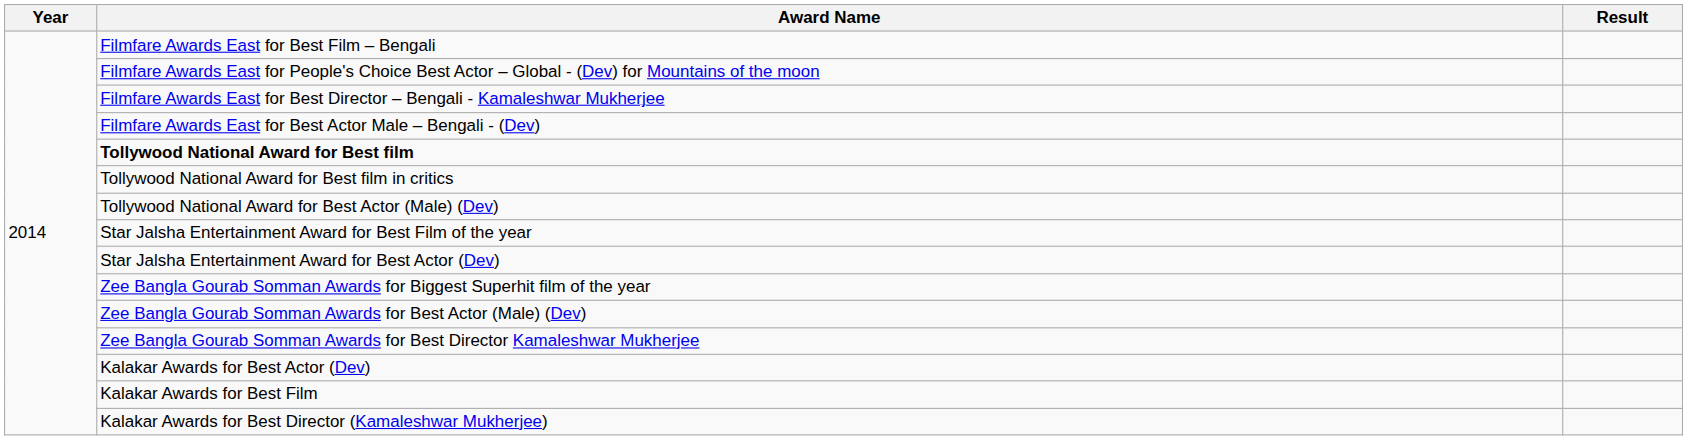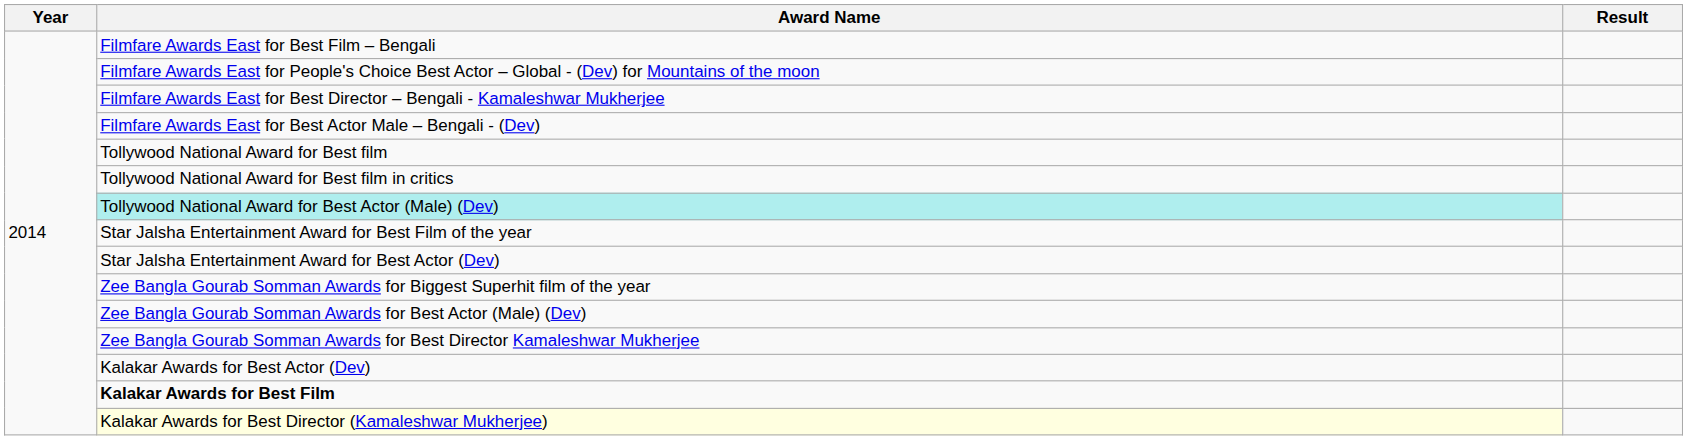 <table class="wikitable" style="width:100%;">
 <tr>
 <th>Year</th>
 <th>Award Name</th>
 <th>Result</th>
 </tr>
 <tr>
 <td rowspan="15">2014</td>
 <td><a href='#'>Filmfare Awards East</a> for Best Film – Bengali</td>
 <td></td>
 </tr>
 <tr>
 <td><a href='#'>Filmfare Awards East</a> for People's Choice Best Actor – Global - (<a href='#'>Dev</a>) for <a href='#'>Mountains of the moon</a></td>
 <td></td>
 </tr>
 <tr>
 <td><a href='#'>Filmfare Awards East</a> for Best Director – Bengali - <a href='#'>Kamaleshwar Mukherjee</a></td>
 <td></td>
 </tr>
 <tr>
 <td><a href='#'>Filmfare Awards East</a> for Best Actor Male – Bengali - (<a href='#'>Dev</a>)</td>
 <td></td>
 </tr>
 <tr>
-<td><strong>Tollywood National Award for Best film</strong></td>
+<td>Tollywood National Award for Best film</td>
 <td></td>
 </tr>
 <tr>
 <td>Tollywood National Award for Best film in critics</td>
 <td></td>
 </tr>
 <tr>
-<td>Tollywood National Award for Best Actor (Male) (<a href='#'>Dev</a>)</td>
+<td style="background: paleturquoise;">Tollywood National Award for Best Actor (Male) (<a href='#'>Dev</a>)</td>
 <td></td>
 </tr>
 <tr>
 <td>Star Jalsha Entertainment Award for Best Film of the year</td>
 <td></td>
 </tr>
 <tr>
 <td>Star Jalsha Entertainment Award for Best Actor (<a href='#'>Dev</a>)</td>
 <td></td>
 </tr>
 <tr>
 <td><a href='#'>Zee Bangla Gourab Somman Awards</a> for Biggest Superhit film of the year</td>
 <td></td>
 </tr>
 <tr>
 <td><a href='#'>Zee Bangla Gourab Somman Awards</a> for Best Actor (Male) (<a href='#'>Dev</a>)</td>
 <td></td>
 </tr>
 <tr>
 <td><a href='#'>Zee Bangla Gourab Somman Awards</a> for Best Director <a href='#'>Kamaleshwar Mukherjee</a></td>
 <td></td>
 </tr>
 <tr>
 <td>Kalakar Awards for Best Actor (<a href='#'>Dev</a>)</td>
 <td></td>
 </tr>
 <tr>
-<td>Kalakar Awards for Best Film</td>
+<td><strong>Kalakar Awards for Best Film</strong></td>
 <td></td>
 </tr>
 <tr>
-<td>Kalakar Awards for Best Director (<a href='#'>Kamaleshwar Mukherjee</a>)</td>
+<td style="background: lightyellow;">Kalakar Awards for Best Director (<a href='#'>Kamaleshwar Mukherjee</a>)</td>
 <td></td>
 </tr>
 </table>
